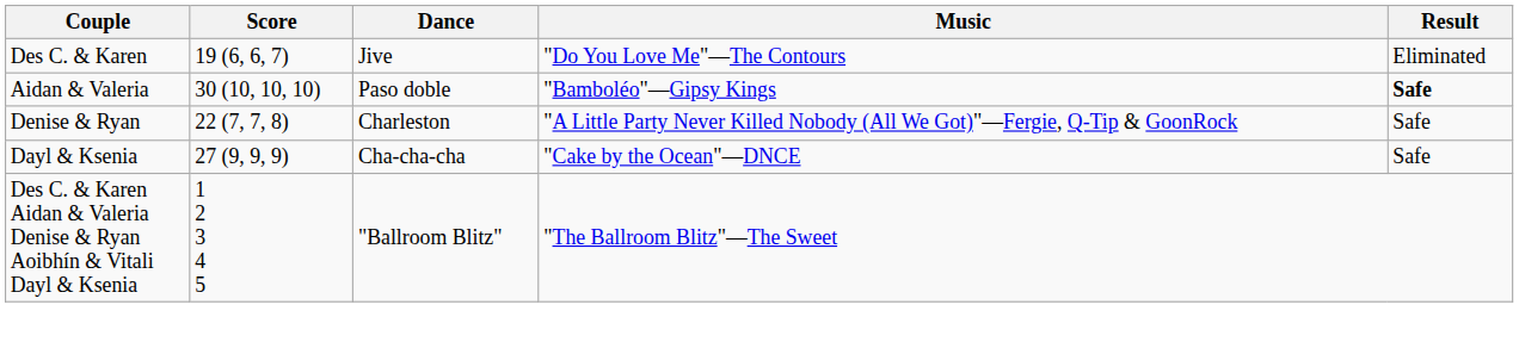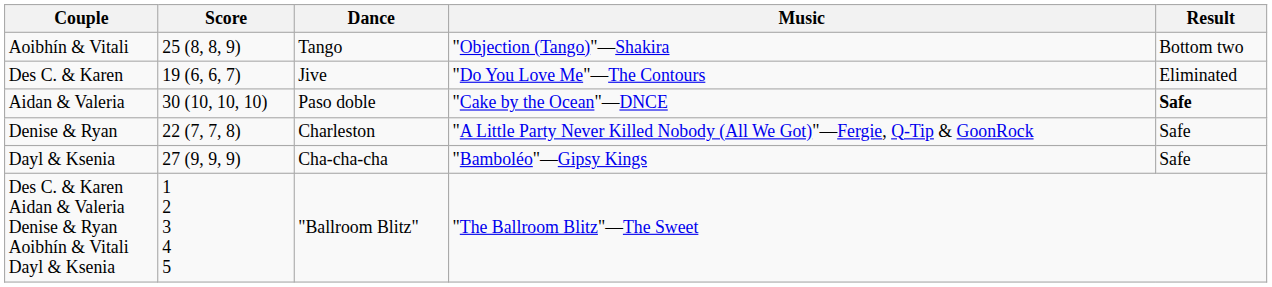 <table class="wikitable" style="width:90%;">
 <tr>
 <th>Couple</th>
 <th>Score</th>
 <th>Dance</th>
 <th>Music</th>
 <th>Result</th>
+</tr>
+<tr>
+<td>Aoibhín & Vitali</td>
+<td>25 (8, 8, 9)</td>
+<td>Tango</td>
+<td>"<a href='#'>Objection (Tango)</a>"—<a href='#'>Shakira</a></td>
+<td>Bottom two</td>
 </tr>
 <tr>
 <td>Des C. & Karen</td>
 <td>19 (6, 6, 7)</td>
 <td>Jive</td>
 <td>"<a href='#'>Do You Love Me</a>"—<a href='#'>The Contours</a></td>
 <td>Eliminated</td>
 </tr>
 <tr>
 <td>Aidan & Valeria</td>
 <td>30 (10, 10, 10)</td>
 <td>Paso doble</td>
-<td>"<a href='#'>Bamboléo</a>"—<a href='#'>Gipsy Kings</a></td>
+<td>"<a href='#'>Cake by the Ocean</a>"—<a href='#'>DNCE</a></td>
 <td><strong>Safe</strong></td>
 </tr>
 <tr>
 <td>Denise & Ryan</td>
 <td>22 (7, 7, 8)</td>
 <td>Charleston</td>
 <td>"<a href='#'>A Little Party Never Killed Nobody (All We Got)</a>"—<a href='#'>Fergie</a>, <a href='#'>Q-Tip</a> & <a href='#'>GoonRock</a></td>
 <td>Safe</td>
 </tr>
 <tr>
 <td>Dayl & Ksenia</td>
 <td>27 (9, 9, 9)</td>
 <td>Cha-cha-cha</td>
-<td>"<a href='#'>Cake by the Ocean</a>"—<a href='#'>DNCE</a></td>
+<td>"<a href='#'>Bamboléo</a>"—<a href='#'>Gipsy Kings</a></td>
 <td>Safe</td>
 </tr>
 <tr>
 <td>Des C. & Karen<br>Aidan & Valeria<br>Denise & Ryan<br>Aoibhín & Vitali<br>Dayl & Ksenia</td>
 <td>1<br>2<br>3<br>4<br>5</td>
 <td>"Ballroom Blitz"</td>
 <td colspan=2>"<a href='#'>The Ballroom Blitz</a>"—<a href='#'>The Sweet</a></td>
 </tr>
 </table>
